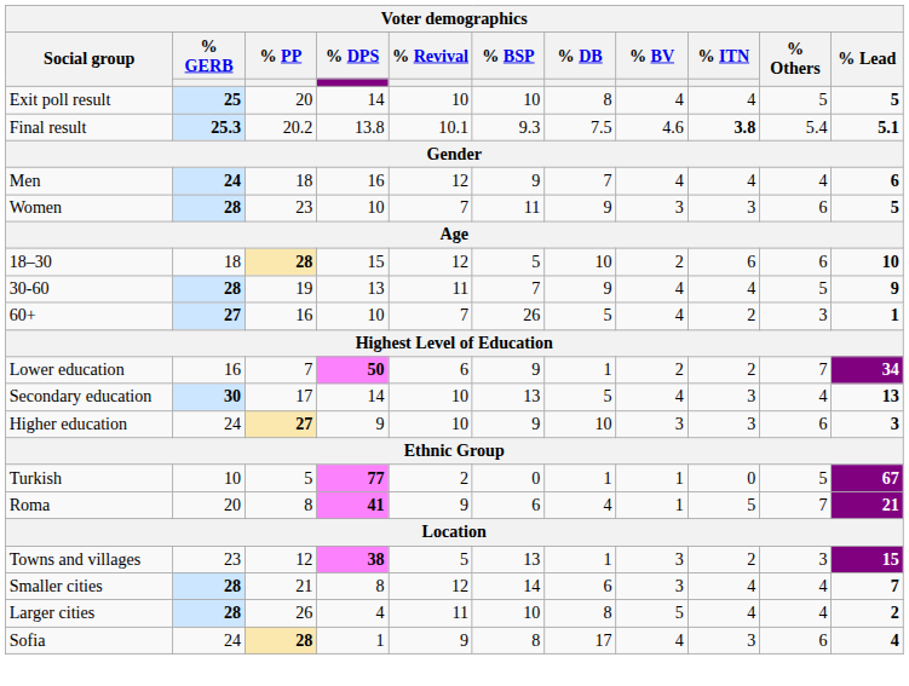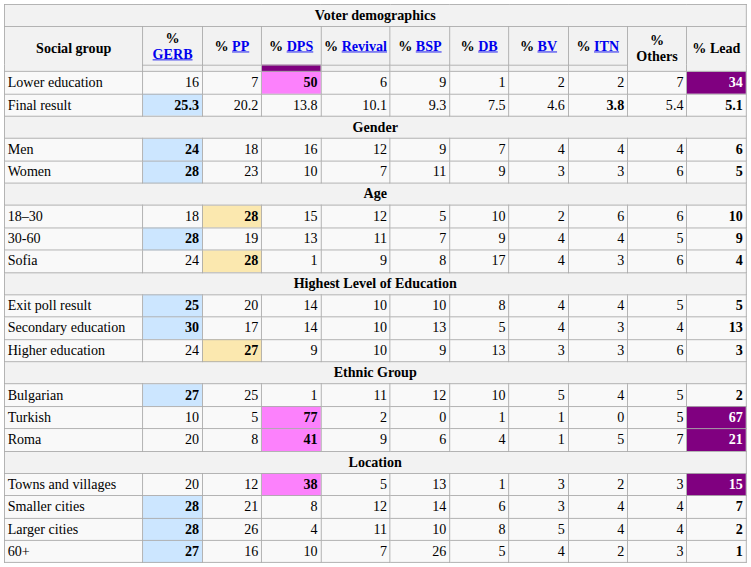 <table class=wikitable>
 <tr>
 <th colspan="11">Voter demographics</th>
 </tr>
 <tr>
 <th style="width:150px" rowspan="2">Social group</th>
 <th style="width:60px" class="unsortable">% <a href='#'>GERB</a></th>
 <th style="width:60px" class="unsortable">% <a href='#'>PP</a></th>
 <th style="width:60px" class="unsortable">% <a href='#'>DPS</a></th>
 <th>% <a href='#'>Revival</a></th>
 <th style="width:60px" class="unsortable">% <a href='#'>BSP</a></th>
 <th style="width:60px" class="unsortable">% <a href='#'>DB</a></th>
 <th style="width:60px" class="unsortable">% <a href='#'>BV</a></th>
 <th style="width:60px" class="unsortable">% <a href='#'>ITN</a></th>
 <th style="width:60px" rowspan="2" class="unsortable">% Others</th>
 <th style="width:60px" rowspan="2" class="unsortable">% Lead</th>
 </tr>
 <tr>
 <th class="unsortable" style="color:inherit;background:"></th>
 <th class="unsortable" style="color:inherit;background:"></th>
 <th class="unsortable" style="color:inherit;background:#800080;  width:60px"></th>
 <th class="unsortable" style="color:inherit;background:"></th>
 <th class="unsortable" style="color:inherit;background:"></th>
 <th class="unsortable" style="color:inherit;background:"></th>
 <th class="unsortable" style="color:inherit;background:"></th>
 <th class="unsortable" style="color:inherit;background:"></th>
 </tr>
 <tr>
-<td>Exit poll result</td>
-<td style="text-align:right; background:#CCE6FF"><strong>25</strong></td>
-<td style="text-align:right">20</td>
-<td style="text-align:right">14</td>
-<td style="text-align:right">10</td>
-<td style="text-align:right">10</td>
-<td style="text-align:right">8</td>
-<td style="text-align:right">4</td>
-<td style="text-align:right">4</td>
-<td style="text-align:right">5</td>
-<td style="text-align:right; background:"><strong>5</strong></td>
+<td>Lower education</td>
+<td style="text-align:right">16</td>
+<td style="text-align:right">7</td>
+<td style="text-align:right; background:#FC81FC"><strong>50</strong></td>
+<td style="text-align:right">6</td>
+<td style="text-align:right">9</td>
+<td style="text-align:right">1</td>
+<td style="text-align:right">2</td>
+<td style="text-align:right">2</td>
+<td style="text-align:right">7</td>
+<td style="text-align:right; background:#800080; color:white"><strong>34</strong></td>
 </tr>
 <tr>
 <td>Final result</td>
 <td style="text-align:right; background:#CCE6FF"><strong>25.3</strong></td>
 <td style="text-align:right">20.2</td>
 <td style="text-align:right">13.8</td>
 <td style="text-align:right">10.1</td>
 <td style="text-align:right">9.3</td>
 <td style="text-align:right">7.5</td>
 <td style="text-align:right">4.6</td>
 <td style="text-align:right"><strong>3.8</strong></td>
 <td style="text-align:right">5.4</td>
 <td style="text-align:right; background:"><strong>5.1</strong></td>
 </tr>
 <tr>
 <th colspan="11">Gender</th>
 </tr>
 <tr>
 <td>Men</td>
 <td style="text-align:right; background:#CCE6FF"><strong>24</strong></td>
 <td style="text-align:right">18</td>
 <td style="text-align:right">16</td>
 <td style="text-align:right">12</td>
 <td style="text-align:right">9</td>
 <td style="text-align:right">7</td>
 <td style="text-align:right">4</td>
 <td style="text-align:right">4</td>
 <td style="text-align:right">4</td>
 <td style="text-align:right; background:"><strong>6</strong></td>
 </tr>
 <tr>
 <td>Women</td>
 <td style="text-align:right; background:#CCE6FF"><strong>28</strong></td>
 <td style="text-align:right">23</td>
 <td style="text-align:right">10</td>
 <td style="text-align:right">7</td>
 <td style="text-align:right">11</td>
 <td style="text-align:right">9</td>
 <td style="text-align:right">3</td>
 <td style="text-align:right">3</td>
 <td style="text-align:right">6</td>
 <td style="text-align:right; background:"><strong>5</strong></td>
 </tr>
 <tr>
 <th colspan="11">Age</th>
 </tr>
 <tr>
 <td>18–30</td>
 <td style="text-align:right">18</td>
 <td style="text-align:right; background:#FBE8AF"><strong>28</strong></td>
 <td style="text-align:right">15</td>
 <td style="text-align:right">12</td>
 <td style="text-align:right">5</td>
 <td style="text-align:right">10</td>
 <td style="text-align:right">2</td>
 <td style="text-align:right">6</td>
 <td style="text-align:right">6</td>
 <td style="text-align:right; background:"><strong>10</strong></td>
 </tr>
 <tr>
 <td>30-60</td>
 <td style="text-align:right; background:#CCE6FF"><strong>28</strong></td>
 <td style="text-align:right">19</td>
 <td style="text-align:right">13</td>
 <td style="text-align:right">11</td>
 <td style="text-align:right">7</td>
 <td style="text-align:right">9</td>
 <td style="text-align:right">4</td>
 <td style="text-align:right">4</td>
 <td style="text-align:right">5</td>
 <td style="text-align:right; background:"><strong>9</strong></td>
 </tr>
 <tr>
-<td>60+</td>
-<td style="text-align:right; background:#CCE6FF"><strong>27</strong></td>
-<td style="text-align:right">16</td>
-<td style="text-align:right">10</td>
-<td style="text-align:right">7</td>
-<td style="text-align:right">26</td>
-<td style="text-align:right">5</td>
+<td>Sofia</td>
+<td style="text-align:right">24</td>
+<td style="text-align:right; background:#FBE8AF"><strong>28</strong></td>
+<td style="text-align:right">1</td>
+<td style="text-align:right">9</td>
+<td style="text-align:right">8</td>
+<td style="text-align:right">17</td>
 <td style="text-align:right">4</td>
-<td style="text-align:right">2</td>
 <td style="text-align:right">3</td>
-<td style="text-align:right; background:"><strong>1</strong></td>
+<td style="text-align:right">6</td>
+<td style="text-align:right; background:"><strong>4</strong></td>
 </tr>
 <tr>
 <th colspan="11">Highest Level of Education</th>
 </tr>
 <tr>
-<td>Lower education</td>
-<td style="text-align:right">16</td>
-<td style="text-align:right">7</td>
-<td style="text-align:right; background:#FC81FC"><strong>50</strong></td>
-<td style="text-align:right">6</td>
-<td style="text-align:right">9</td>
-<td style="text-align:right">1</td>
-<td style="text-align:right">2</td>
-<td style="text-align:right">2</td>
-<td style="text-align:right">7</td>
-<td style="text-align:right; background:#800080; color:white"><strong>34</strong></td>
+<td>Exit poll result</td>
+<td style="text-align:right; background:#CCE6FF"><strong>25</strong></td>
+<td style="text-align:right">20</td>
+<td style="text-align:right">14</td>
+<td style="text-align:right">10</td>
+<td style="text-align:right">10</td>
+<td style="text-align:right">8</td>
+<td style="text-align:right">4</td>
+<td style="text-align:right">4</td>
+<td style="text-align:right">5</td>
+<td style="text-align:right; background:"><strong>5</strong></td>
 </tr>
 <tr>
 <td>Secondary education</td>
 <td style="text-align:right; background:#CCE6FF"><strong>30</strong></td>
 <td style="text-align:right">17</td>
 <td style="text-align:right">14</td>
 <td style="text-align:right">10</td>
 <td style="text-align:right">13</td>
 <td style="text-align:right">5</td>
 <td style="text-align:right">4</td>
 <td style="text-align:right">3</td>
 <td style="text-align:right">4</td>
 <td style="text-align:right; background:"><strong>13</strong></td>
 </tr>
 <tr>
 <td>Higher education</td>
 <td style="text-align:right">24</td>
 <td style="text-align:right; background:#FBE8AF"><strong>27</strong></td>
 <td style="text-align:right">9</td>
 <td style="text-align:right">10</td>
 <td style="text-align:right">9</td>
-<td style="text-align:right">10</td>
+<td style="text-align:right">13</td>
 <td style="text-align:right">3</td>
 <td style="text-align:right">3</td>
 <td style="text-align:right">6</td>
 <td style="text-align:right; background:"><strong>3</strong></td>
 </tr>
 <tr>
 <th colspan="11">Ethnic Group</th>
+</tr>
+<tr>
+<td>Bulgarian</td>
+<td style="text-align:right; background:#CCE6FF"><strong>27</strong></td>
+<td style="text-align:right">25</td>
+<td style="text-align:right">1</td>
+<td style="text-align:right">11</td>
+<td style="text-align:right">12</td>
+<td style="text-align:right">10</td>
+<td style="text-align:right">5</td>
+<td style="text-align:right">4</td>
+<td style="text-align:right">5</td>
+<td style="text-align:right; background:"><strong>2</strong></td>
 </tr>
 <tr>
 <td>Turkish</td>
 <td style="text-align:right">10</td>
 <td style="text-align:right">5</td>
 <td style="text-align:right; background:#FC81FC"><strong>77</strong></td>
 <td style="text-align:right">2</td>
 <td style="text-align:right">0</td>
 <td style="text-align:right">1</td>
 <td style="text-align:right">1</td>
 <td style="text-align:right">0</td>
 <td style="text-align:right">5</td>
 <td style="text-align:right; background:#800080; color:white"><strong>67</strong></td>
 </tr>
 <tr>
 <td>Roma</td>
 <td style="text-align:right">20</td>
 <td style="text-align:right">8</td>
 <td style="text-align:right; background:#FC81FC"><strong>41</strong></td>
 <td style="text-align:right">9</td>
 <td style="text-align:right">6</td>
 <td style="text-align:right">4</td>
 <td style="text-align:right">1</td>
 <td style="text-align:right">5</td>
 <td style="text-align:right">7</td>
 <td style="text-align:right; background:#800080; color:white"><strong>21</strong></td>
 </tr>
 <tr>
 <th colspan="11">Location</th>
 </tr>
 <tr>
 <td>Towns and villages</td>
-<td style="text-align:right">23</td>
+<td style="text-align:right">20</td>
 <td style="text-align:right">12</td>
 <td style="text-align:right; background:#FC81FC"><strong>38</strong></td>
 <td style="text-align:right">5</td>
 <td style="text-align:right">13</td>
 <td style="text-align:right">1</td>
 <td style="text-align:right">3</td>
 <td style="text-align:right">2</td>
 <td style="text-align:right">3</td>
 <td style="text-align:right; background:#800080; color:white"><strong>15</strong></td>
 </tr>
 <tr>
 <td>Smaller cities</td>
 <td style="text-align:right; background:#CCE6FF"><strong>28</strong></td>
 <td style="text-align:right">21</td>
 <td style="text-align:right">8</td>
 <td style="text-align:right">12</td>
 <td style="text-align:right">14</td>
 <td style="text-align:right">6</td>
 <td style="text-align:right">3</td>
 <td style="text-align:right">4</td>
 <td style="text-align:right">4</td>
 <td style="text-align:right; background:"><strong>7</strong></td>
 </tr>
 <tr>
 <td>Larger cities</td>
 <td style="text-align:right; background:#CCE6FF"><strong>28</strong></td>
 <td style="text-align:right">26</td>
 <td style="text-align:right">4</td>
 <td style="text-align:right">11</td>
 <td style="text-align:right">10</td>
 <td style="text-align:right">8</td>
 <td style="text-align:right">5</td>
 <td style="text-align:right">4</td>
 <td style="text-align:right">4</td>
 <td style="text-align:right; background:"><strong>2</strong></td>
 </tr>
 <tr>
-<td>Sofia</td>
-<td style="text-align:right">24</td>
-<td style="text-align:right; background:#FBE8AF"><strong>28</strong></td>
-<td style="text-align:right">1</td>
-<td style="text-align:right">9</td>
-<td style="text-align:right">8</td>
-<td style="text-align:right">17</td>
+<td>60+</td>
+<td style="text-align:right; background:#CCE6FF"><strong>27</strong></td>
+<td style="text-align:right">16</td>
+<td style="text-align:right">10</td>
+<td style="text-align:right">7</td>
+<td style="text-align:right">26</td>
+<td style="text-align:right">5</td>
 <td style="text-align:right">4</td>
+<td style="text-align:right">2</td>
 <td style="text-align:right">3</td>
-<td style="text-align:right">6</td>
-<td style="text-align:right; background:"><strong>4</strong></td>
+<td style="text-align:right; background:"><strong>1</strong></td>
 </tr>
 </table>
